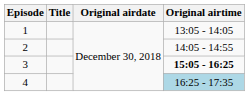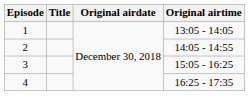 <table class="wikitable" style="text-align: center;">
 <tr>
 <th>Episode</th>
 <th>Title</th>
 <th>Original airdate</th>
 <th>Original airtime</th>
 </tr>
 <tr>
 <td>1</td>
 <td></td>
 <td rowspan="4">December 30, 2018</td>
 <td>13:05 - 14:05</td>
 </tr>
 <tr>
 <td>2</td>
 <td></td>
 <td>14:05 - 14:55</td>
 </tr>
 <tr>
 <td>3</td>
 <td></td>
-<td><strong>15:05 - 16:25</strong></td>
+<td>15:05 - 16:25</td>
 </tr>
 <tr>
 <td>4</td>
 <td></td>
-<td style="background: lightblue;">16:25 - 17:35</td>
+<td>16:25 - 17:35</td>
 </tr>
 </table>
